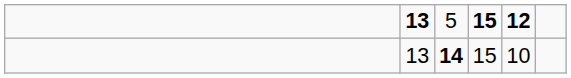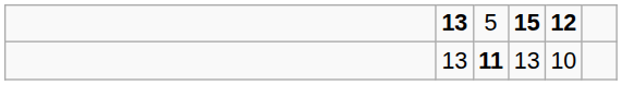 <table class="wikitable">
 <tr>
 <td style="width:18em"></td>
 <td align=center style="width:1em"><strong>13</strong></td>
 <td align=center style="width:1em">5</td>
 <td align=center style="width:1em"><strong>15</strong></td>
 <td align=center style="width:1em"><strong>12</strong></td>
 <td align=center style="width:1em"></td>
 </tr>
 <tr>
 <td style="width:18em"></td>
 <td align=center style="width:1em">13</td>
-<td align=center style="width:1em"><strong>14</strong></td>
-<td align=center style="width:1em">15</td>
+<td align=center style="width:1em"><strong>11</strong></td>
+<td align=center style="width:1em">13</td>
 <td align=center style="width:1em">10</td>
 <td align=center style="width:1em"></td>
 </tr>
 </table>
